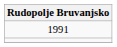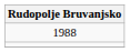 <table class="wikitable" style="margin: 0.5em auto; text-align: center;">
 <tr>
 <th colspan="1">Rudopolje Bruvanjsko</th>
 </tr>
 <tr>
-<td>1991</td>
+<td>1988</td>
 </tr>
 <tr>
 <td></td>
 </tr>
 <tr>
 </tr>
 </table>
